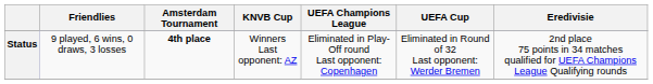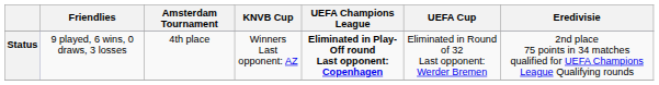 <table class="wikitable" style="width:100%; font-size:85%;">
 <tr>
 <th></th>
 <th style="border-bottom:1px solid #B5B7CF;">Friendlies</th>
 <th style="border-bottom:1px solid #B5B7CF;">Amsterdam Tournament</th>
 <th style="border-bottom:1px solid #B5B7CF;">KNVB Cup</th>
 <th style="border-bottom:1px solid #B5B7CF;">UEFA Champions League</th>
 <th style="border-bottom:1px solid #B5B7CF;">UEFA Cup</th>
 <th style="border-bottom:1px solid #B5B7CF;">Eredivisie</th>
 </tr>
 <tr>
 </tr>
 <tr style="font-size:100%;" valign="top">
 <th style="border-right:1px solid #B5B7CF;text-align:right;padding-top:10px;">Status</th>
 <td align=center>9 played, 6 wins, 0 draws, 3 losses</td>
-<td align=center><strong>4th place</strong></td>
+<td align=center>4th place</td>
 <td align=center>Winners<br>Last opponent: <a href='#'>AZ</a></td>
-<td align=center>Eliminated in Play-Off round<br>Last opponent: <a href='#'>Copenhagen</a></td>
+<td align=center><strong>Eliminated in Play-Off round<br>Last opponent: <a href='#'>Copenhagen</a></strong></td>
 <td align=center>Eliminated in Round of 32<br>Last opponent: <a href='#'>Werder Bremen</a></td>
 <td align=center>2nd place<br>75 points in 34 matches<br>qualified for <a href='#'>UEFA Champions League</a> Qualifying rounds</td>
 </tr>
 <tr>
 </tr>
 </table>
